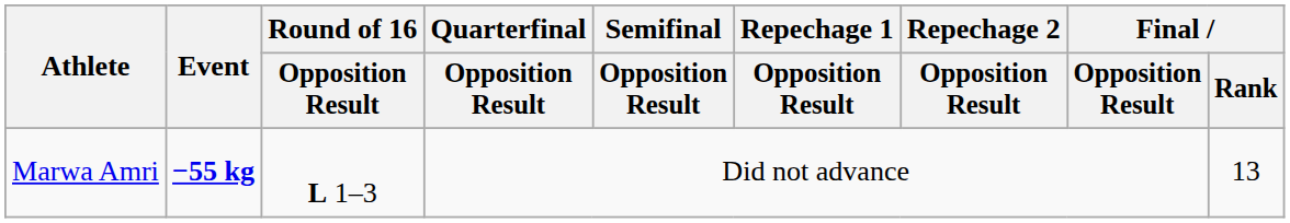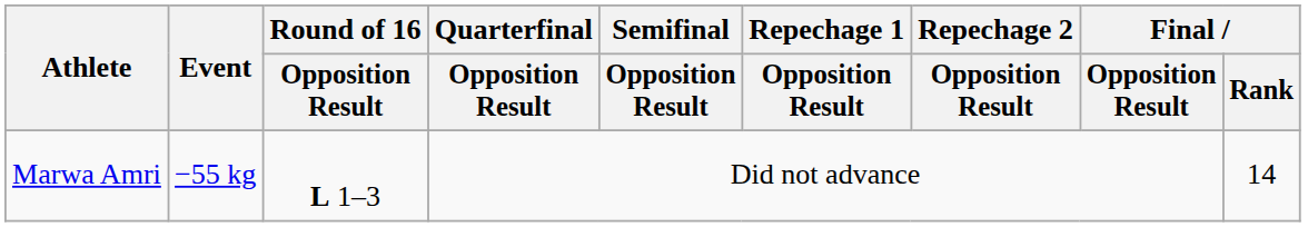 <table class="wikitable" style="font-size:90%">
 <tr>
 <th rowspan="2">Athlete</th>
 <th rowspan="2">Event</th>
 <th>Round of 16</th>
 <th>Quarterfinal</th>
 <th>Semifinal</th>
 <th>Repechage 1</th>
 <th>Repechage 2</th>
 <th colspan=2>Final / </th>
 </tr>
 <tr style="font-size: 95%">
 <th>Opposition<br>Result</th>
 <th>Opposition<br>Result</th>
 <th>Opposition<br>Result</th>
 <th>Opposition<br>Result</th>
 <th>Opposition<br>Result</th>
 <th>Opposition<br>Result</th>
 <th>Rank</th>
 </tr>
 <tr align=center>
 <td align=left><a href='#'>Marwa Amri</a></td>
-<td align=left><strong><a href='#'>−55 kg</a></strong></td>
+<td align=left><a href='#'>−55 kg</a></td>
 <td><br><strong>L</strong> 1–3 <sup></sup></td>
 <td colspan=5>Did not advance</td>
-<td>13</td>
+<td>14</td>
 </tr>
 </table>
